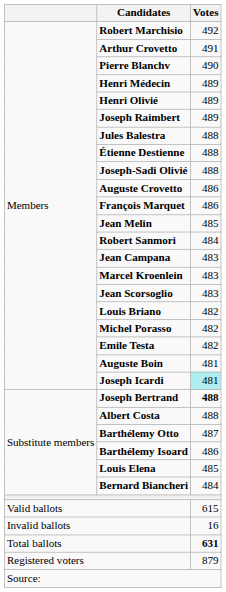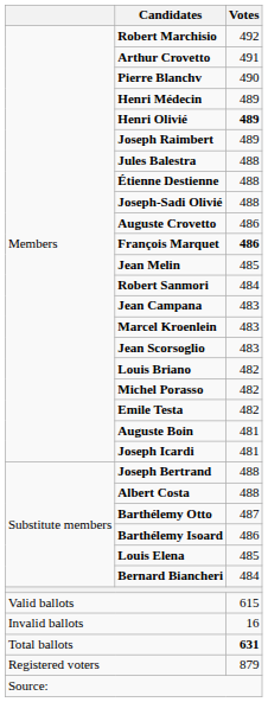 <table class="wikitable" style="text-align:right">
 <tr>
 <th></th>
 <th>Candidates</th>
 <th>Votes</th>
 </tr>
 <tr>
 <td rowspan=21 align=left>Members</td>
 <td align=left><strong>Robert Marchisio</strong></td>
 <td>492</td>
 </tr>
 <tr>
 <td align=left><strong>Arthur Crovetto</strong></td>
 <td>491</td>
 </tr>
 <tr>
 <td align=left><strong>Pierre Blanchv</strong></td>
 <td>490</td>
 </tr>
 <tr>
 <td align=left><strong>Henri Médecin</strong></td>
 <td>489</td>
 </tr>
 <tr>
 <td align=left><strong>Henri Olivié</strong></td>
-<td>489</td>
+<td><strong>489</strong></td>
 </tr>
 <tr>
 <td align=left><strong>Joseph Raimbert</strong></td>
 <td>489</td>
 </tr>
 <tr>
 <td align=left><strong>Jules Balestra</strong></td>
 <td>488</td>
 </tr>
 <tr>
 <td align=left><strong>Étienne Destienne</strong></td>
 <td>488</td>
 </tr>
 <tr>
 <td align=left><strong>Joseph-Sadi Olivié</strong></td>
 <td>488</td>
 </tr>
 <tr>
 <td align=left><strong>Auguste Crovetto</strong></td>
 <td>486</td>
 </tr>
 <tr>
 <td align=left><strong>François Marquet</strong></td>
-<td>486</td>
+<td><strong>486</strong></td>
 </tr>
 <tr>
 <td align=left><strong>Jean Melin</strong></td>
 <td>485</td>
 </tr>
 <tr>
 <td align=left><strong>Robert Sanmori</strong></td>
 <td>484</td>
 </tr>
 <tr>
 <td align=left><strong>Jean Campana</strong></td>
 <td>483</td>
 </tr>
 <tr>
 <td align=left><strong>Marcel Kroenlein</strong></td>
 <td>483</td>
 </tr>
 <tr>
 <td align=left><strong>Jean Scorsoglio</strong></td>
 <td>483</td>
 </tr>
 <tr>
 <td align=left><strong>Louis Briano</strong></td>
 <td>482</td>
 </tr>
 <tr>
 <td align=left><strong>Michel Porasso</strong></td>
 <td>482</td>
 </tr>
 <tr>
 <td align=left><strong>Emile Testa</strong></td>
 <td>482</td>
 </tr>
 <tr>
 <td align=left><strong>Auguste Boin</strong></td>
 <td>481</td>
 </tr>
 <tr>
 <td align=left><strong>Joseph Icardi</strong></td>
-<td style="background: paleturquoise;">481</td>
+<td>481</td>
 </tr>
 <tr>
 <td rowspan=6 align=left>Substitute members</td>
 <td align=left><strong>Joseph Bertrand</strong></td>
-<td><strong>488</strong></td>
+<td>488</td>
 </tr>
 <tr>
 <td align=left><strong>Albert Costa</strong></td>
 <td>488</td>
 </tr>
 <tr>
 <td align=left><strong>Barthélemy Otto</strong></td>
 <td>487</td>
 </tr>
 <tr>
 <td align=left><strong>Barthélemy Isoard</strong></td>
 <td>486</td>
 </tr>
 <tr>
 <td align=left><strong>Louis Elena</strong></td>
 <td>485</td>
 </tr>
 <tr>
 <td align=left><strong>Bernard Biancheri</strong></td>
 <td>484</td>
 </tr>
 <tr>
 <th colspan=3></th>
 </tr>
 <tr>
 <td colspan=2 align=left>Valid ballots</td>
 <td>615</td>
 </tr>
 <tr>
 <td colspan=2 align=left>Invalid ballots</td>
 <td>16</td>
 </tr>
 <tr>
 <td colspan=2 align=left>Total ballots</td>
 <td><strong>631</strong></td>
 </tr>
 <tr>
 <td colspan=2 align=left>Registered voters</td>
 <td>879</td>
 </tr>
 <tr>
 <td colspan=3 align=left>Source:</td>
 </tr>
 </table>
